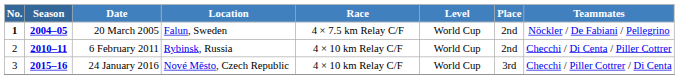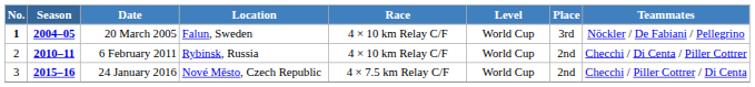 <table class="wikitable sortable" style="font-size:95%; text-align:center; border:grey solid 1px; border-collapse:collapse; background:#ffffff;">
 <tr style="background:#efefef;">
 <th style="background-color:#369; color:white;">No.</th>
 <th style="background-color:#369; color:white;">Season</th>
 <th style="background-color:#4180be; color:white; width:120px;">Date</th>
 <th style="background-color:#4180be; color:white; width:185px;">Location</th>
 <th style="background-color:#4180be; color:white; width:170px;">Race</th>
 <th style="background-color:#4180be; color:white; width:100px;">Level</th>
 <th style="background-color:#4180be; color:white;">Place</th>
 <th style="background-color:#4180be; color:white;">Teammates</th>
 </tr>
 <tr>
 <td align=center><strong>1</strong></td>
 <td rowspan=1 align=center><strong> <a href='#'>2004–05</a> </strong></td>
 <td align=right>20 March 2005</td>
 <td align=left> <a href='#'>Falun</a>, Sweden</td>
-<td>4 × 7.5 km Relay C/F</td>
+<td>4 × 10 km Relay C/F</td>
 <td>World Cup</td>
-<td>2nd</td>
+<td>3rd</td>
 <td><a href='#'>Nöckler</a> / <a href='#'>De Fabiani</a> / <a href='#'>Pellegrino</a></td>
 </tr>
 <tr>
 <td align=center>2</td>
 <td rowspan=1 align=center><strong> <a href='#'>2010–11</a> </strong></td>
 <td align=right>6 February 2011</td>
 <td align=left> <a href='#'>Rybinsk</a>, Russia</td>
 <td>4 × 10 km Relay C/F</td>
 <td>World Cup</td>
 <td>2nd</td>
 <td><a href='#'>Checchi</a> / <a href='#'>Di Centa</a> / <a href='#'>Piller Cottrer</a></td>
 </tr>
 <tr>
 <td align=center>3</td>
 <td rowspan=1 align=center><strong> <a href='#'>2015–16</a> </strong></td>
 <td align=right>24 January 2016</td>
 <td align=left> <a href='#'>Nové Město</a>, Czech Republic</td>
-<td>4 × 10 km Relay C/F</td>
+<td>4 × 7.5 km Relay C/F</td>
 <td>World Cup</td>
-<td>3rd</td>
+<td>2nd</td>
 <td><a href='#'>Checchi</a> / <a href='#'>Piller Cottrer</a> / <a href='#'>Di Centa</a></td>
 </tr>
 <tr>
 </tr>
 </table>
